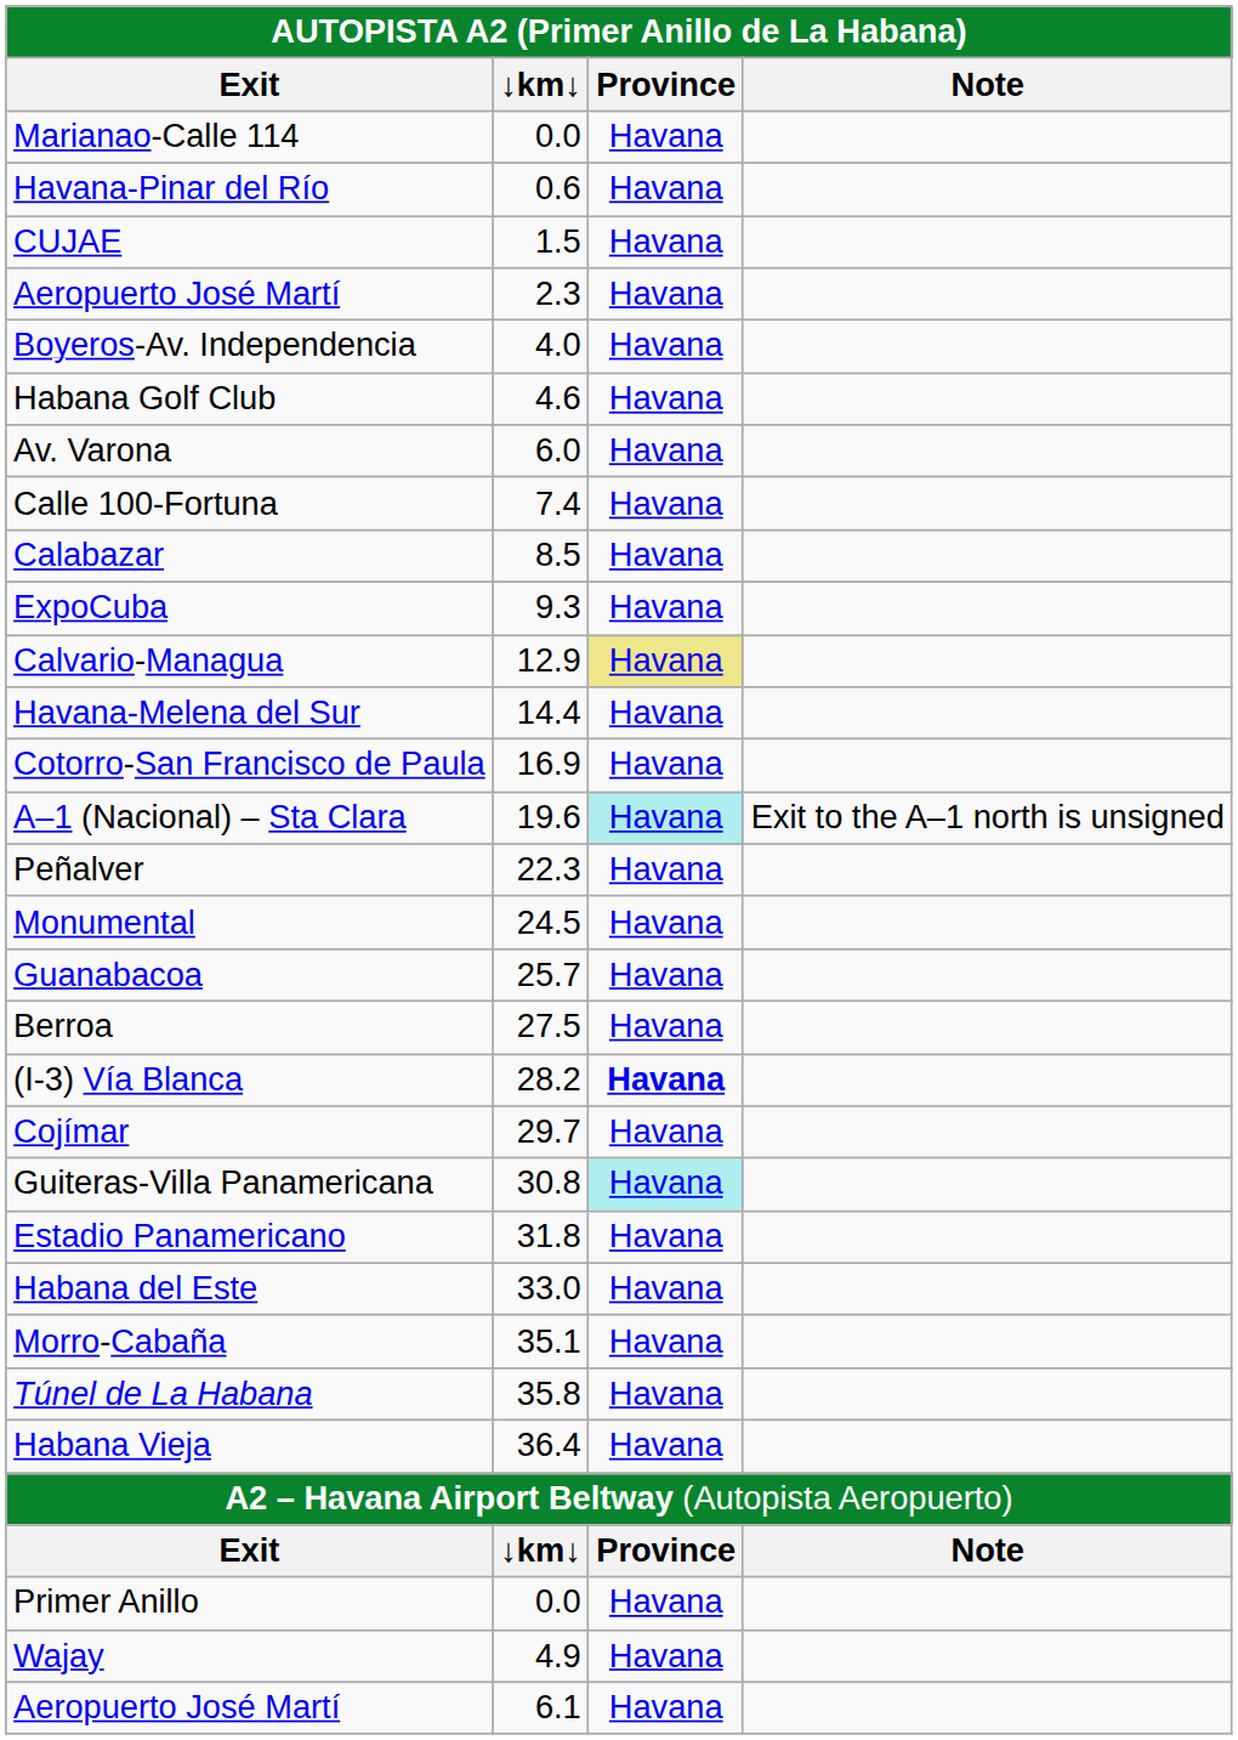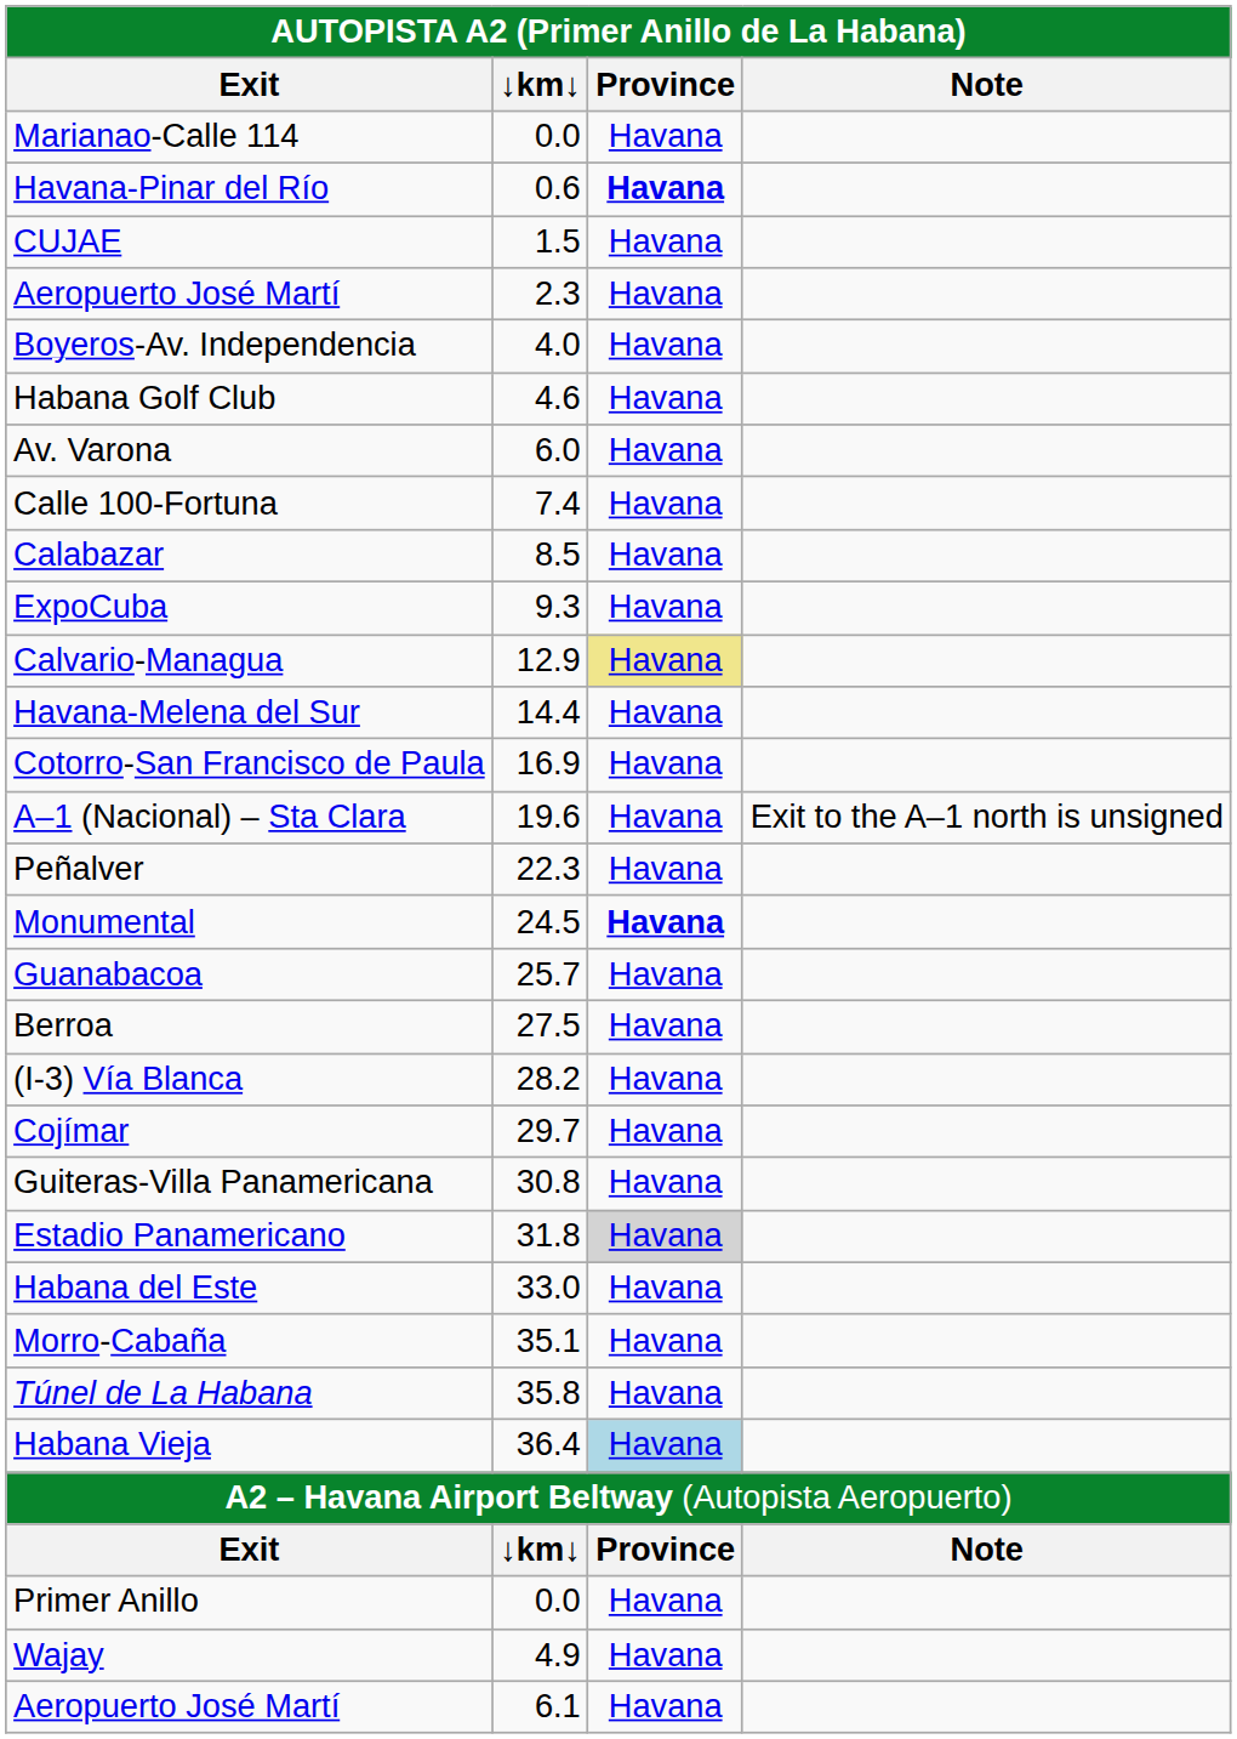 <table class="wikitable">
 <tr align="center" bgcolor="08842C" style="color: white;font-size:100%;">
 <td colspan="6"><strong>AUTOPISTA A2 (Primer Anillo de La Habana)</strong></td>
 </tr>
 <tr>
 <th><strong>Exit</strong></th>
 <th align="center"><strong>↓km↓</strong></th>
 <th align="center"><strong>Province</strong></th>
 <th align="center"><strong>Note</strong></th>
 </tr>
 <tr>
 <td> <a href='#'>Marianao</a>-Calle 114<br></td>
 <td align="right">0.0</td>
 <td align="center"><a href='#'>Havana</a></td>
 <td> </td>
 </tr>
 <tr>
 <td>  <a href='#'>Havana-Pinar del Río</a><br></td>
 <td align="right">0.6</td>
-<td align="center"><a href='#'>Havana</a></td>
+<td align="center"><strong><a href='#'>Havana</a></strong></td>
 <td> </td>
 </tr>
 <tr>
 <td> <a href='#'>CUJAE</a></td>
 <td align="right">1.5</td>
 <td align="center"><a href='#'>Havana</a></td>
 <td> </td>
 </tr>
 <tr>
 <td>  <a href='#'>Aeropuerto José Martí</a><br></td>
 <td align="right">2.3</td>
 <td align="center"><a href='#'>Havana</a></td>
 <td> </td>
 </tr>
 <tr>
 <td> <a href='#'>Boyeros</a>-Av. Independencia<br></td>
 <td align="right">4.0</td>
 <td align="center"><a href='#'>Havana</a></td>
 <td> </td>
 </tr>
 <tr>
 <td> Habana Golf Club</td>
 <td align="right">4.6</td>
 <td align="center"><a href='#'>Havana</a></td>
 <td> </td>
 </tr>
 <tr>
 <td> Av. Varona</td>
 <td align="right">6.0</td>
 <td align="center"><a href='#'>Havana</a></td>
 <td> </td>
 </tr>
 <tr>
 <td> Calle 100-Fortuna</td>
 <td align="right">7.4</td>
 <td align="center"><a href='#'>Havana</a></td>
 <td> </td>
 </tr>
 <tr>
 <td> <a href='#'>Calabazar</a></td>
 <td align="right">8.5</td>
 <td align="center"><a href='#'>Havana</a></td>
 <td> </td>
 </tr>
 <tr>
 <td> <a href='#'>ExpoCuba</a></td>
 <td align="right">9.3</td>
 <td align="center"><a href='#'>Havana</a></td>
 <td> </td>
 </tr>
 <tr>
 <td> <a href='#'>Calvario</a>-<a href='#'>Managua</a></td>
 <td align="right">12.9</td>
 <td align="center" style="background: khaki;"><a href='#'>Havana</a></td>
 <td> </td>
 </tr>
 <tr>
 <td>  <a href='#'>Havana-Melena del Sur</a></td>
 <td align="right">14.4</td>
 <td align="center"><a href='#'>Havana</a></td>
 <td> </td>
 </tr>
 <tr>
 <td>  <a href='#'>Cotorro</a>-<a href='#'>San Francisco de Paula</a><br></td>
 <td align="right">16.9</td>
 <td align="center"><a href='#'>Havana</a></td>
 <td> </td>
 </tr>
 <tr>
 <td>  <a href='#'>A–1</a> (Nacional) – <a href='#'>Sta Clara</a></td>
 <td align="right">19.6</td>
-<td align="center" style="background: paleturquoise;"><a href='#'>Havana</a></td>
+<td align="center"><a href='#'>Havana</a></td>
 <td>Exit to the A–1 north is unsigned</td>
 </tr>
 <tr>
 <td> Peñalver</td>
 <td align="right">22.3</td>
 <td align="center"><a href='#'>Havana</a></td>
 <td> </td>
 </tr>
 <tr>
 <td>  <a href='#'>Monumental</a></td>
 <td align="right">24.5</td>
-<td align="center"><a href='#'>Havana</a></td>
+<td align="center"><strong><a href='#'>Havana</a></strong></td>
 <td> </td>
 </tr>
 <tr>
 <td>  <a href='#'>Guanabacoa</a></td>
 <td align="right">25.7</td>
 <td align="center"><a href='#'>Havana</a></td>
 <td> </td>
 </tr>
 <tr>
 <td> Berroa</td>
 <td align="right">27.5</td>
 <td align="center"><a href='#'>Havana</a></td>
 <td> </td>
 </tr>
 <tr>
 <td> (I-3) <a href='#'>Vía Blanca</a></td>
 <td align="right">28.2</td>
-<td align="center"><strong><a href='#'>Havana</a></strong></td>
+<td align="center"><a href='#'>Havana</a></td>
 <td></td>
 </tr>
 <tr>
 <td> <a href='#'>Cojímar</a></td>
 <td align="right">29.7</td>
 <td align="center"><a href='#'>Havana</a></td>
 <td></td>
 </tr>
 <tr>
 <td> Guiteras-Villa Panamericana</td>
 <td align="right">30.8</td>
-<td align="center" style="background: paleturquoise;"><a href='#'>Havana</a></td>
+<td align="center"><a href='#'>Havana</a></td>
 <td></td>
 </tr>
 <tr>
 <td> <a href='#'>Estadio Panamericano</a></td>
 <td align="right">31.8</td>
-<td align="center"><a href='#'>Havana</a></td>
+<td align="center" style="background: lightgrey;"><a href='#'>Havana</a></td>
 <td></td>
 </tr>
 <tr>
 <td> <a href='#'>Habana del Este</a><br></td>
 <td align="right">33.0</td>
 <td align="center"><a href='#'>Havana</a></td>
 <td></td>
 </tr>
 <tr>
 <td> <a href='#'>Morro</a>-<a href='#'>Cabaña</a></td>
 <td align="right">35.1</td>
 <td align="center"><a href='#'>Havana</a></td>
 <td></td>
 </tr>
 <tr>
 <td> <em><a href='#'>Túnel de La Habana</a></em></td>
 <td align="right">35.8</td>
 <td align="center"><a href='#'>Havana</a></td>
 <td></td>
 </tr>
 <tr>
 <td> <a href='#'>Habana Vieja</a><br></td>
 <td align="right">36.4</td>
-<td align="center"><a href='#'>Havana</a></td>
+<td align="center" style="background: lightblue;"><a href='#'>Havana</a></td>
 <td></td>
 </tr>
 <tr>
 </tr>
 <tr align="center" bgcolor="08842C" style="color: white;font-size:100%;">
 <td colspan="6"><strong>A2 – Havana Airport Beltway</strong> (Autopista Aeropuerto)</td>
 </tr>
 <tr>
 <th><strong>Exit</strong></th>
 <th align="center"><strong>↓km↓</strong></th>
 <th align="center"><strong>Province</strong></th>
 <th align="center"><strong>Note</strong></th>
 </tr>
 <tr>
 <td>  Primer Anillo </td>
 <td align="right">0.0</td>
 <td align="center"><a href='#'>Havana</a></td>
 <td> </td>
 </tr>
 <tr>
 <td> <a href='#'>Wajay</a></td>
 <td align="right">4.9</td>
 <td align="center"><a href='#'>Havana</a></td>
 <td> </td>
 </tr>
 <tr>
 <td>  <a href='#'>Aeropuerto José Martí</a></td>
 <td align="right">6.1</td>
 <td align="center"><a href='#'>Havana</a></td>
 <td> </td>
 </tr>
 </table>
